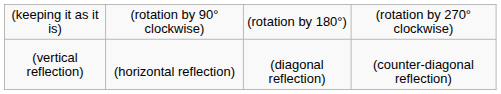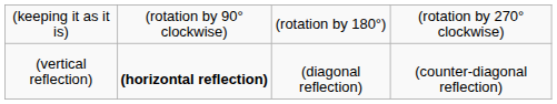 <table class="wikitable" style="text-align:center;">
 <tr>
 <td>  (keeping it as it is)</td>
 <td>  (rotation by 90° clockwise)</td>
 <td>  (rotation by 180°)</td>
 <td>  (rotation by 270° clockwise)</td>
 </tr>
 <tr>
 <td>  (vertical reflection)</td>
-<td><br>  (horizontal reflection)</td>
+<td><strong><br>  (horizontal reflection)</strong></td>
 <td><br>  (diagonal reflection)</td>
 <td><br>  (counter-diagonal reflection)</td>
 </tr>
 </table>
